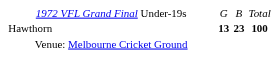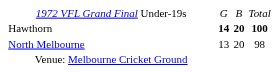 <table style="margin-right:4px; margin-top:8px; float:right; border:1px No. 000 solid; border-radius:8px; background:#fff; font-family:Verdana; font-size:8pt; text-align:center;">
 <tr>
 <td style="width:200px;"><em><a href='#'>1972 VFL Grand Final</a></em> Under-19s</td>
 <td><em>G</em></td>
 <td><em>B</em></td>
 <td><em>Total</em></td>
 </tr>
 <tr>
 <td style="text-align:left">Hawthorn</td>
-<td><strong>13</strong></td>
-<td><strong>23</strong></td>
+<td><strong>14</strong></td>
+<td><strong>20</strong></td>
 <td><strong>100</strong></td>
+</tr>
+<tr>
+<td style="text-align:left"><a href='#'>North Melbourne</a></td>
+<td>13</td>
+<td>20</td>
+<td>98</td>
 </tr>
 <tr>
 <td>Venue: <a href='#'>Melbourne Cricket Ground</a></td>
 <td colspan="3"></td>
 </tr>
 </table>
